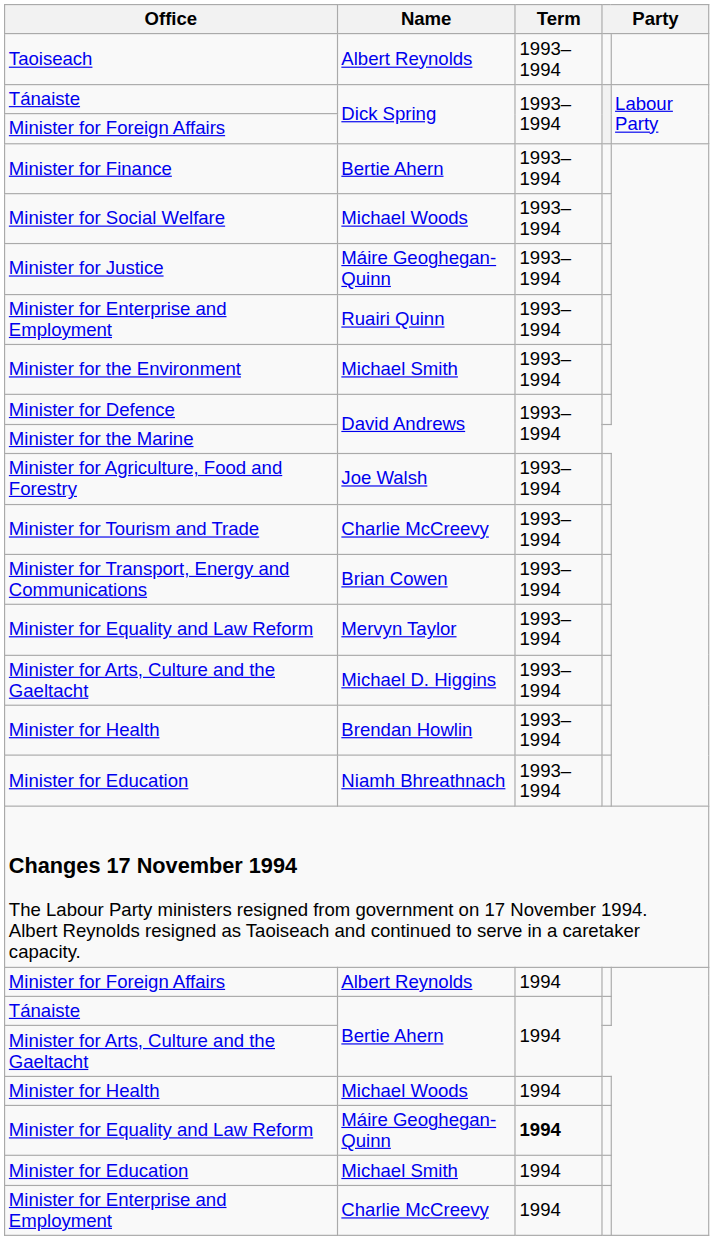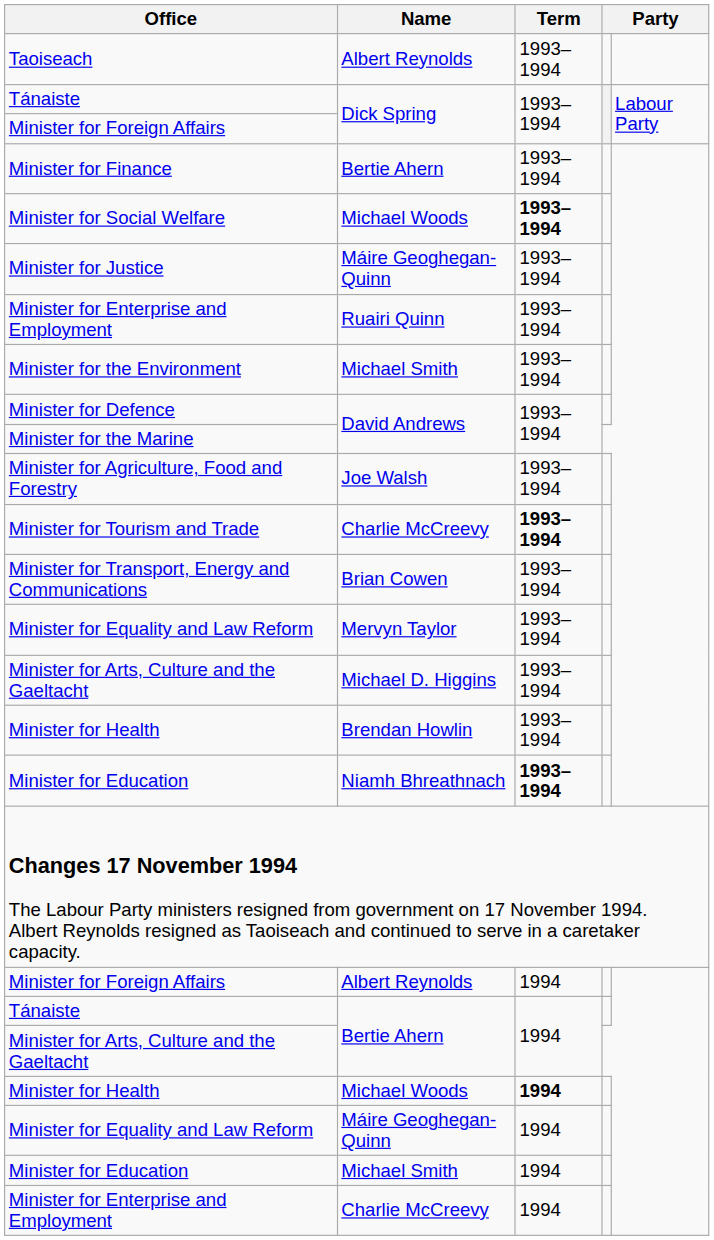 <table class="wikitable">
 <tr>
 <th>Office</th>
 <th>Name</th>
 <th>Term</th>
 <th colspan="2">Party</th>
 </tr>
 <tr>
 <td><a href='#'>Taoiseach</a></td>
 <td><a href='#'>Albert Reynolds</a></td>
 <td>1993–1994</td>
 <td></td>
 </tr>
 <tr>
 <td><a href='#'>Tánaiste</a></td>
 <td rowspan=2><a href='#'>Dick Spring</a></td>
 <td rowspan=2>1993–1994</td>
 <th rowspan=2 style="background-color: "></th>
 <td rowspan=2><a href='#'>Labour Party</a></td>
 </tr>
 <tr>
 <td><a href='#'>Minister for Foreign Affairs</a></td>
 </tr>
 <tr>
 <td><a href='#'>Minister for Finance</a></td>
 <td><a href='#'>Bertie Ahern</a></td>
 <td>1993–1994</td>
 <td></td>
 </tr>
 <tr>
 <td><a href='#'>Minister for Social Welfare</a></td>
 <td><a href='#'>Michael Woods</a></td>
-<td>1993–1994</td>
+<td><strong>1993–1994</strong></td>
 <td></td>
 </tr>
 <tr>
 <td><a href='#'>Minister for Justice</a></td>
 <td><a href='#'>Máire Geoghegan-Quinn</a></td>
 <td>1993–1994</td>
 <td></td>
 </tr>
 <tr>
 <td><a href='#'>Minister for Enterprise and Employment</a></td>
 <td><a href='#'>Ruairi Quinn</a></td>
 <td>1993–1994</td>
 <td></td>
 </tr>
 <tr>
 <td><a href='#'>Minister for the Environment</a></td>
 <td><a href='#'>Michael Smith</a></td>
 <td>1993–1994</td>
 <td></td>
 </tr>
 <tr>
 <td><a href='#'>Minister for Defence</a></td>
 <td rowspan=2><a href='#'>David Andrews</a></td>
 <td rowspan=2>1993–1994</td>
 <td></td>
 </tr>
 <tr>
 <td><a href='#'>Minister for the Marine</a></td>
 </tr>
 <tr>
 <td><a href='#'>Minister for Agriculture, Food and Forestry</a></td>
 <td><a href='#'>Joe Walsh</a></td>
 <td>1993–1994</td>
 <td></td>
 </tr>
 <tr>
 <td><a href='#'>Minister for Tourism and Trade</a></td>
 <td><a href='#'>Charlie McCreevy</a></td>
-<td>1993–1994</td>
+<td><strong>1993–1994</strong></td>
 <td></td>
 </tr>
 <tr>
 <td><a href='#'>Minister for Transport, Energy and Communications</a></td>
 <td><a href='#'>Brian Cowen</a></td>
 <td>1993–1994</td>
 <td></td>
 </tr>
 <tr>
 <td><a href='#'>Minister for Equality and Law Reform</a></td>
 <td><a href='#'>Mervyn Taylor</a></td>
 <td>1993–1994</td>
 <td></td>
 </tr>
 <tr>
 <td><a href='#'>Minister for Arts, Culture and the Gaeltacht</a></td>
 <td><a href='#'>Michael D. Higgins</a></td>
 <td>1993–1994</td>
 <td></td>
 </tr>
 <tr>
 <td><a href='#'>Minister for Health</a></td>
 <td><a href='#'>Brendan Howlin</a></td>
 <td>1993–1994</td>
 <td></td>
 </tr>
 <tr>
 <td><a href='#'>Minister for Education</a></td>
 <td><a href='#'>Niamh Bhreathnach</a></td>
-<td>1993–1994</td>
+<td><strong>1993–1994</strong></td>
 <td></td>
 </tr>
 <tr>
 <td colspan=6><br><h3>Changes 17 November 1994</h3>The Labour Party ministers resigned from government on 17 November 1994.<br>Albert Reynolds resigned as Taoiseach and continued to serve in a caretaker capacity.</td>
 </tr>
 <tr>
 <td><a href='#'>Minister for Foreign Affairs</a></td>
 <td><a href='#'>Albert Reynolds</a></td>
 <td>1994</td>
 <td></td>
 </tr>
 <tr>
 <td><a href='#'>Tánaiste</a></td>
 <td rowspan=2><a href='#'>Bertie Ahern</a></td>
 <td rowspan=2>1994</td>
 <td></td>
 </tr>
 <tr>
 <td><a href='#'>Minister for Arts, Culture and the Gaeltacht</a></td>
 </tr>
 <tr>
 <td><a href='#'>Minister for Health</a></td>
 <td><a href='#'>Michael Woods</a></td>
-<td>1994</td>
+<td><strong>1994</strong></td>
 <td></td>
 </tr>
 <tr>
 <td><a href='#'>Minister for Equality and Law Reform</a></td>
 <td><a href='#'>Máire Geoghegan-Quinn</a></td>
-<td><strong>1994</strong></td>
+<td>1994</td>
 <td></td>
 </tr>
 <tr>
 <td><a href='#'>Minister for Education</a></td>
 <td><a href='#'>Michael Smith</a></td>
 <td>1994</td>
 <td></td>
 </tr>
 <tr>
 <td><a href='#'>Minister for Enterprise and Employment</a></td>
 <td><a href='#'>Charlie McCreevy</a></td>
 <td>1994</td>
 <td></td>
 </tr>
 </table>
